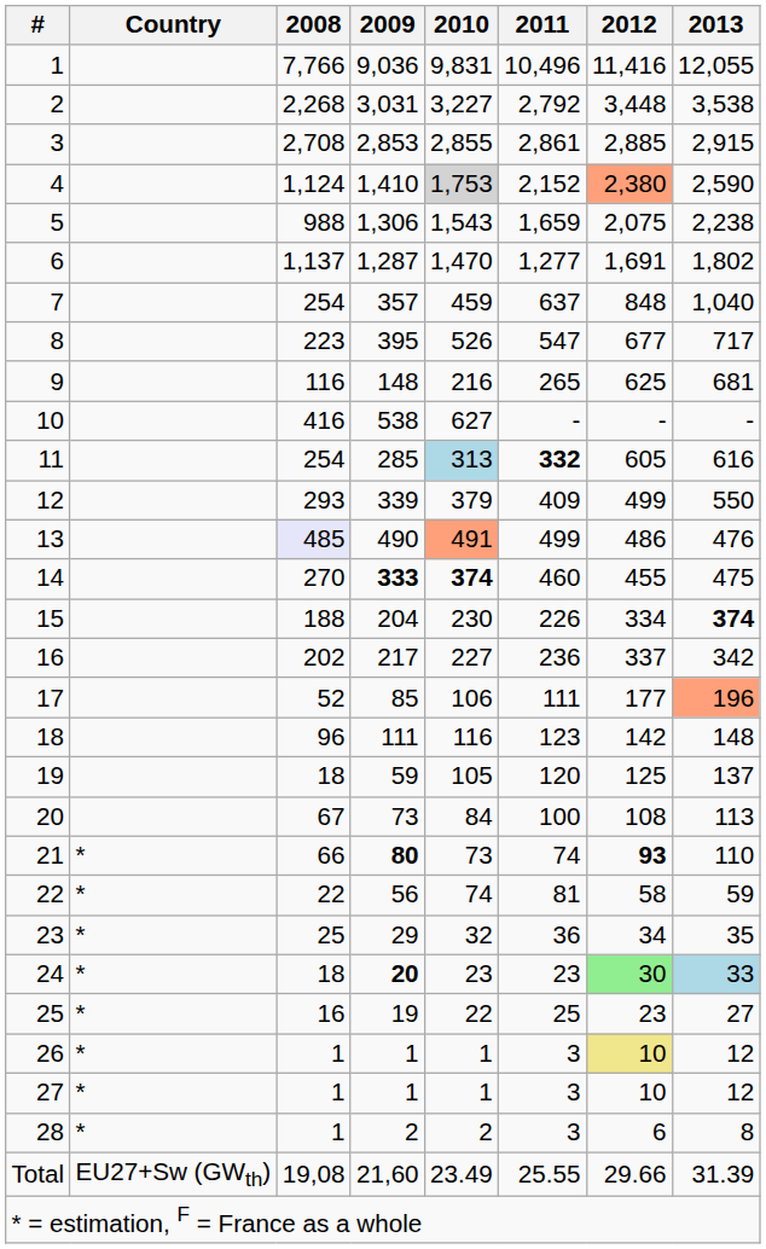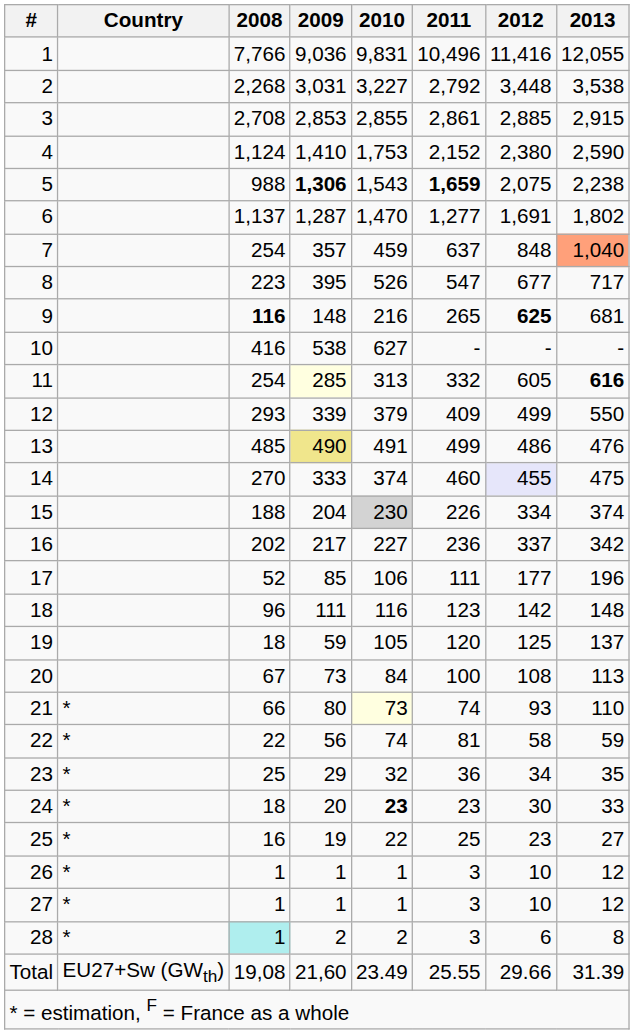 <table class="wikitable">
 <tr>
 <th>#</th>
 <th>Country</th>
 <th>2008</th>
 <th>2009</th>
 <th>2010</th>
 <th>2011</th>
 <th>2012</th>
 <th>2013</th>
 </tr>
 <tr style="text-align:right;">
 <td>1</td>
 <td style="text-align:left;"></td>
 <td>7,766</td>
 <td>9,036</td>
 <td>9,831</td>
 <td>10,496</td>
 <td>11,416</td>
 <td>12,055</td>
 </tr>
 <tr style="text-align:right;">
 <td>2</td>
 <td style="text-align:left;"></td>
 <td>2,268</td>
 <td>3,031</td>
 <td>3,227</td>
 <td>2,792</td>
 <td>3,448</td>
 <td>3,538</td>
 </tr>
 <tr style="text-align:right;">
 <td>3</td>
 <td style="text-align:left;"></td>
 <td>2,708</td>
 <td>2,853</td>
 <td>2,855</td>
 <td>2,861</td>
 <td>2,885</td>
 <td>2,915</td>
 </tr>
 <tr style="text-align:right;">
 <td>4</td>
 <td style="text-align:left;"></td>
 <td>1,124</td>
 <td>1,410</td>
-<td style="background: lightgrey;">1,753</td>
+<td>1,753</td>
 <td>2,152</td>
-<td style="background: lightsalmon;">2,380</td>
+<td>2,380</td>
 <td>2,590</td>
 </tr>
 <tr style="text-align:right;">
 <td>5</td>
 <td style="text-align:left;"></td>
 <td>988</td>
-<td>1,306</td>
+<td><strong>1,306</strong></td>
 <td>1,543</td>
-<td>1,659</td>
+<td><strong>1,659</strong></td>
 <td>2,075</td>
 <td>2,238</td>
 </tr>
 <tr style="text-align:right;">
 <td>6</td>
 <td style="text-align:left;"></td>
 <td>1,137</td>
 <td>1,287</td>
 <td>1,470</td>
 <td>1,277</td>
 <td>1,691</td>
 <td>1,802</td>
 </tr>
 <tr style="text-align:right;">
 <td>7</td>
 <td style="text-align:left;"></td>
 <td>254</td>
 <td>357</td>
 <td>459</td>
 <td>637</td>
 <td>848</td>
-<td>1,040</td>
+<td style="background: lightsalmon;">1,040</td>
 </tr>
 <tr style="text-align:right;">
 <td>8</td>
 <td style="text-align:left;"></td>
 <td>223</td>
 <td>395</td>
 <td>526</td>
 <td>547</td>
 <td>677</td>
 <td>717</td>
 </tr>
 <tr style="text-align:right;">
 <td>9</td>
 <td style="text-align:left;"></td>
-<td>116</td>
+<td><strong>116</strong></td>
 <td>148</td>
 <td>216</td>
 <td>265</td>
-<td>625</td>
+<td><strong>625</strong></td>
 <td>681</td>
 </tr>
 <tr style="text-align:right;">
 <td>10</td>
 <td style="text-align:left;"></td>
 <td>416</td>
 <td>538</td>
 <td>627</td>
 <td>-</td>
 <td>-</td>
 <td>-</td>
 </tr>
 <tr style="text-align:right;">
 <td>11</td>
 <td style="text-align:left;"></td>
 <td>254</td>
-<td>285</td>
-<td style="background: lightblue;">313</td>
-<td><strong>332</strong></td>
+<td style="background: lightyellow;">285</td>
+<td>313</td>
+<td>332</td>
 <td>605</td>
-<td>616</td>
+<td><strong>616</strong></td>
 </tr>
 <tr style="text-align:right;">
 <td>12</td>
 <td style="text-align:left;"></td>
 <td>293</td>
 <td>339</td>
 <td>379</td>
 <td>409</td>
 <td>499</td>
 <td>550</td>
 </tr>
 <tr style="text-align:right;">
 <td>13</td>
 <td style="text-align:left;"></td>
-<td style="background: lavender;">485</td>
-<td>490</td>
-<td style="background: lightsalmon;">491</td>
+<td>485</td>
+<td style="background: khaki;">490</td>
+<td>491</td>
 <td>499</td>
 <td>486</td>
 <td>476</td>
 </tr>
 <tr style="text-align:right;">
 <td>14</td>
 <td style="text-align:left;"></td>
 <td style="text-align:right;">270</td>
-<td><strong>333</strong></td>
-<td><strong>374</strong></td>
+<td>333</td>
+<td>374</td>
 <td>460</td>
-<td>455</td>
+<td style="background: lavender;">455</td>
 <td>475</td>
 </tr>
 <tr style="text-align:right;">
 <td>15</td>
 <td style="text-align:left;"></td>
 <td>188</td>
 <td>204</td>
-<td>230</td>
+<td style="background: lightgrey;">230</td>
 <td>226</td>
 <td>334</td>
-<td><strong>374</strong></td>
+<td>374</td>
 </tr>
 <tr style="text-align:right;">
 <td>16</td>
 <td style="text-align:left;"></td>
 <td>202</td>
 <td>217</td>
 <td>227</td>
 <td>236</td>
 <td>337</td>
 <td>342</td>
 </tr>
 <tr style="text-align:right;">
 <td>17</td>
 <td style="text-align:left;"></td>
 <td>52</td>
 <td>85</td>
 <td>106</td>
 <td>111</td>
 <td>177</td>
-<td style="background: lightsalmon;">196</td>
+<td>196</td>
 </tr>
 <tr style="text-align:right;">
 <td>18</td>
 <td style="text-align:left;"></td>
 <td>96</td>
 <td>111</td>
 <td>116</td>
 <td>123</td>
 <td>142</td>
 <td>148</td>
 </tr>
 <tr style="text-align:right;">
 <td>19</td>
 <td style="text-align:left;"></td>
 <td>18</td>
 <td>59</td>
 <td>105</td>
 <td>120</td>
 <td>125</td>
 <td>137</td>
 </tr>
 <tr style="text-align:right;">
 <td>20</td>
 <td style="text-align:left;"></td>
 <td>67</td>
 <td>73</td>
 <td>84</td>
 <td>100</td>
 <td>108</td>
 <td>113</td>
 </tr>
 <tr style="text-align:right;">
 <td>21</td>
 <td style="text-align:left;"> *</td>
 <td>66</td>
-<td><strong>80</strong></td>
-<td>73</td>
+<td>80</td>
+<td style="background: lightyellow;">73</td>
 <td>74</td>
-<td><strong>93</strong></td>
+<td>93</td>
 <td>110</td>
 </tr>
 <tr style="text-align:right;">
 <td>22</td>
 <td style="text-align:left;"> *</td>
 <td>22</td>
 <td>56</td>
 <td>74</td>
 <td>81</td>
 <td>58</td>
 <td>59</td>
 </tr>
 <tr style="text-align:right;">
 <td>23</td>
 <td style="text-align:left;">*</td>
 <td>25</td>
 <td>29</td>
 <td>32</td>
 <td>36</td>
 <td>34</td>
 <td>35</td>
 </tr>
 <tr style="text-align:right;">
 <td>24</td>
 <td style="text-align:left;"> *</td>
 <td>18</td>
-<td><strong>20</strong></td>
+<td>20</td>
+<td><strong>23</strong></td>
 <td>23</td>
-<td>23</td>
-<td style="background: lightgreen;">30</td>
-<td style="background: lightblue;">33</td>
+<td>30</td>
+<td>33</td>
 </tr>
 <tr style="text-align:right;">
 <td>25</td>
 <td style="text-align:left;"> *</td>
 <td>16</td>
 <td>19</td>
 <td>22</td>
 <td>25</td>
 <td>23</td>
 <td>27</td>
 </tr>
 <tr style="text-align:right;">
 <td>26</td>
 <td style="text-align:left;">*</td>
 <td>1</td>
 <td>1</td>
 <td>1</td>
 <td>3</td>
-<td style="background: khaki;">10</td>
+<td>10</td>
 <td>12</td>
 </tr>
 <tr style="text-align:right;">
 <td>27</td>
 <td style="text-align:left;"> *</td>
 <td>1</td>
 <td>1</td>
 <td>1</td>
 <td>3</td>
 <td>10</td>
 <td>12</td>
 </tr>
 <tr style="text-align:right;">
 <td>28</td>
 <td style="text-align:left;"> *</td>
-<td>1</td>
+<td style="background: paleturquoise;">1</td>
 <td>2</td>
 <td>2</td>
 <td>3</td>
 <td>6</td>
 <td>8</td>
 </tr>
 <tr style="text-align:right;">
 <td>Total</td>
 <td style="text-align:left;">EU27+Sw (GW<sub>th</sub>)</td>
 <td>19,08</td>
 <td>21,60</td>
 <td>23.49</td>
 <td>25.55</td>
 <td>29.66</td>
 <td>31.39</td>
 </tr>
 <tr>
 <td style="text-align:left;" colspan="8">* = estimation, <sup>F</sup> = France as a whole</td>
 </tr>
 </table>
